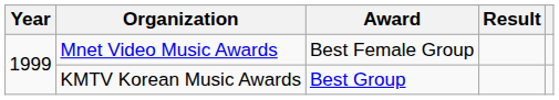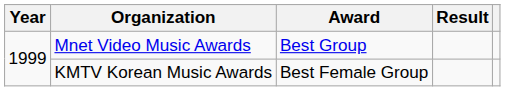 <table class="wikitable">
 <tr>
 <th scope="col">Year</th>
 <th scope="col">Organization</th>
 <th scope="col">Award</th>
 <th scope="col">Result</th>
 <th class="unsortable"></th>
 </tr>
 <tr>
 <td rowspan="2">1999</td>
 <td><a href='#'>Mnet Video Music Awards</a></td>
-<td>Best Female Group</td>
+<td><a href='#'>Best Group</a></td>
 <td></td>
 <td style="text-align:center;"></td>
 </tr>
 <tr>
 <td>KMTV Korean Music Awards</td>
-<td><a href='#'>Best Group</a></td>
+<td>Best Female Group</td>
 <td></td>
 <td style="text-align:center;"></td>
 </tr>
 </table>
